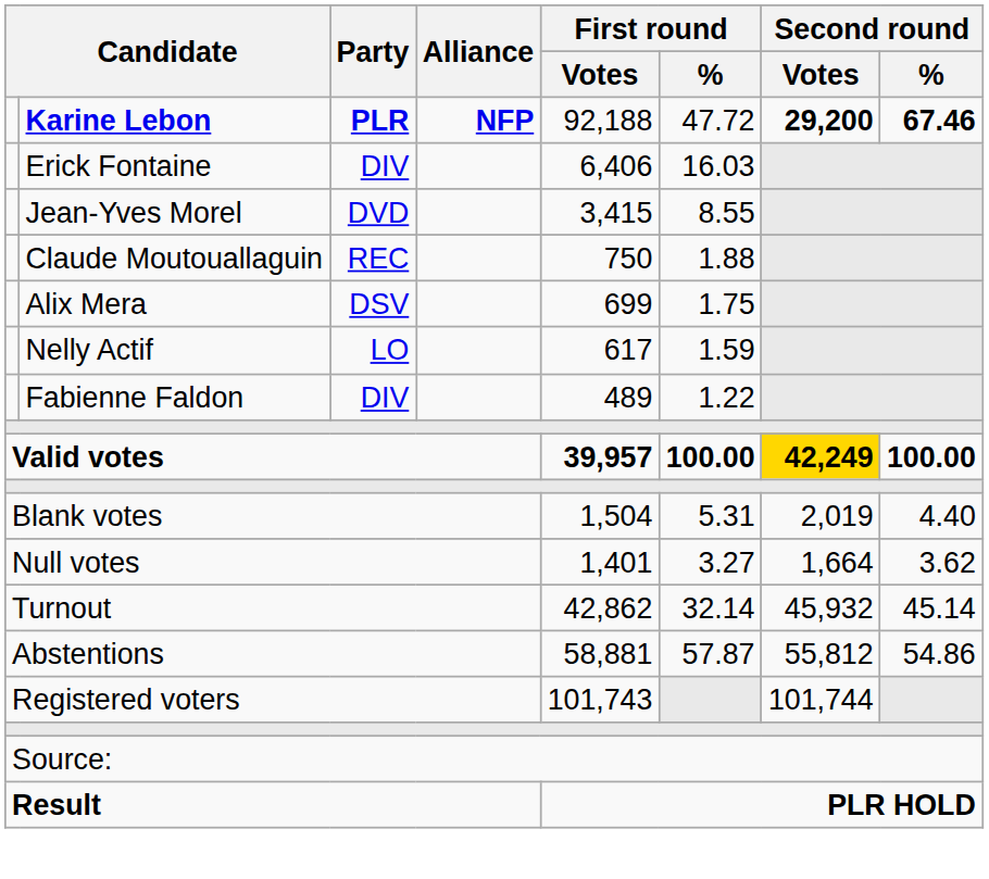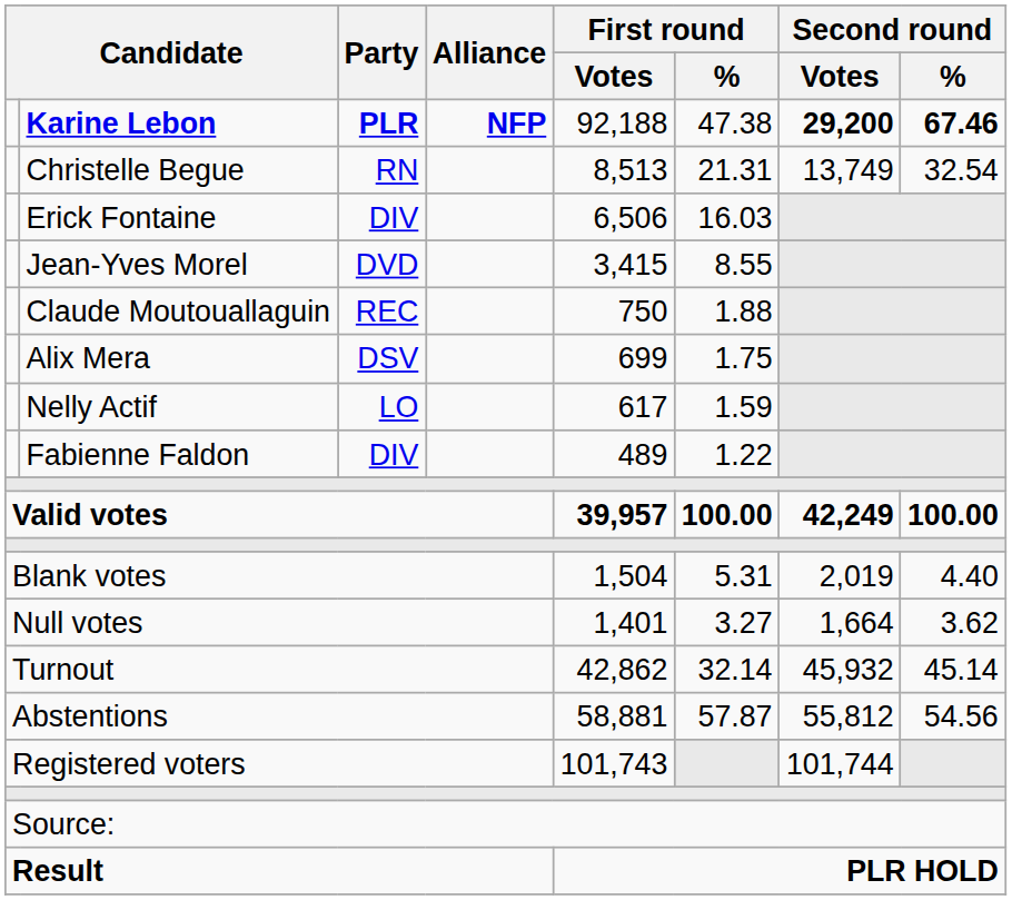 <table class="wikitable" style="text-align:right;font-size:95%;">
 <tr>
 <th colspan="2" rowspan="2">Candidate</th>
 <th colspan="1" rowspan="2">Party</th>
 <th colspan="1" rowspan="2">Alliance</th>
 <th colspan="2">First round</th>
 <th colspan="2">Second round</th>
 </tr>
 <tr>
 <th style="width:50px;">Votes</th>
 <th style="width:45px;">%</th>
 <th style="width:50px;">Votes</th>
 <th style="width:45px;">%</th>
 </tr>
 <tr>
 <td style="color:inherit;background:"></td>
 <td style="text-align:left;"><strong><a href='#'>Karine Lebon</a></strong></td>
 <td><a href='#'><strong>PLR</strong></a></td>
 <td><a href='#'><strong>NFP</strong></a></td>
 <td>92,188</td>
-<td>47.72</td>
+<td>47.38</td>
 <td><strong>29,200</strong></td>
 <td><strong>67.46</strong></td>
+</tr>
+<tr>
+<td style="color:inherit;background:"></td>
+<td style="text-align:left;">Christelle Begue</td>
+<td><a href='#'>RN</a></td>
+<td></td>
+<td>8,513</td>
+<td>21.31</td>
+<td>13,749</td>
+<td>32.54</td>
 </tr>
 <tr>
 <td style="color:inherit;background:"></td>
 <td style="text-align:left;">Erick Fontaine</td>
 <td><a href='#'>DIV</a></td>
 <td></td>
-<td>6,406</td>
+<td>6,506</td>
 <td>16.03</td>
 <td colspan="2" rowspan="1" style="background:#E9E9E9;"></td>
 </tr>
 <tr>
 <td style="color:inherit;background:"></td>
 <td style="text-align:left;">Jean-Yves Morel</td>
 <td><a href='#'>DVD</a></td>
 <td></td>
 <td>3,415</td>
 <td>8.55</td>
 <td colspan="2" rowspan="1" style="background:#E9E9E9;"></td>
 </tr>
 <tr>
 <td style="color:inherit;background:"></td>
 <td style="text-align:left;">Claude Moutouallaguin</td>
 <td><a href='#'>REC</a></td>
 <td></td>
 <td>750</td>
 <td>1.88</td>
 <td colspan="2" rowspan="1" style="background:#E9E9E9;"></td>
 </tr>
 <tr>
 <td style="color:inherit;background:"></td>
 <td style="text-align:left;">Alix Mera</td>
 <td><a href='#'>DSV</a></td>
 <td></td>
 <td>699</td>
 <td>1.75</td>
 <td colspan="2" rowspan="1" style="background:#E9E9E9;"></td>
 </tr>
 <tr>
 <td style="color:inherit;background:"></td>
 <td style="text-align:left;">Nelly Actif</td>
 <td><a href='#'>LO</a></td>
 <td></td>
 <td>617</td>
 <td>1.59</td>
 <td colspan="2" rowspan="1" style="background:#E9E9E9;"></td>
 </tr>
 <tr>
 <td style="color:inherit;background:"></td>
 <td style="text-align:left;">Fabienne Faldon</td>
 <td><a href='#'>DIV</a></td>
 <td></td>
 <td>489</td>
 <td>1.22</td>
 <td colspan="2" rowspan="1" style="background:#E9E9E9;"></td>
 </tr>
 <tr>
 <td colspan="8" style="background:#E9E9E9;"></td>
 </tr>
 <tr style="font-weight:bold;">
 <td colspan="4" style="text-align:left;">Valid votes</td>
 <td>39,957</td>
 <td>100.00</td>
-<td style="background: gold;">42,249</td>
+<td>42,249</td>
 <td>100.00</td>
 </tr>
 <tr>
 <td colspan="8" style="background:#E9E9E9;"></td>
 </tr>
 <tr>
 <td colspan="4" style="text-align:left;">Blank votes</td>
 <td>1,504</td>
 <td>5.31</td>
 <td>2,019</td>
 <td>4.40</td>
 </tr>
 <tr>
 <td colspan="4" style="text-align:left;">Null votes</td>
 <td>1,401</td>
 <td>3.27</td>
 <td>1,664</td>
 <td>3.62</td>
 </tr>
 <tr>
 <td colspan="4" style="text-align:left;">Turnout</td>
 <td>42,862</td>
 <td>32.14</td>
 <td>45,932</td>
 <td>45.14</td>
 </tr>
 <tr>
 <td colspan="4" style="text-align:left;">Abstentions</td>
 <td>58,881</td>
 <td>57.87</td>
 <td>55,812</td>
-<td>54.86</td>
+<td>54.56</td>
 </tr>
 <tr>
 <td colspan="4" style="text-align:left;">Registered voters</td>
 <td>101,743</td>
 <td style="background:#E9E9E9;"></td>
 <td>101,744</td>
 <td style="background:#E9E9E9;"></td>
 </tr>
 <tr>
 <td colspan="8" style="background:#E9E9E9;"></td>
 </tr>
 <tr>
 <td colspan="8" style="text-align:left;">Source: </td>
 </tr>
 <tr style="font-weight:bold">
 <td colspan="4" style="text-align:left;">Result</td>
 <td colspan="4" style="background-color:">PLR HOLD</td>
 </tr>
 </table>
